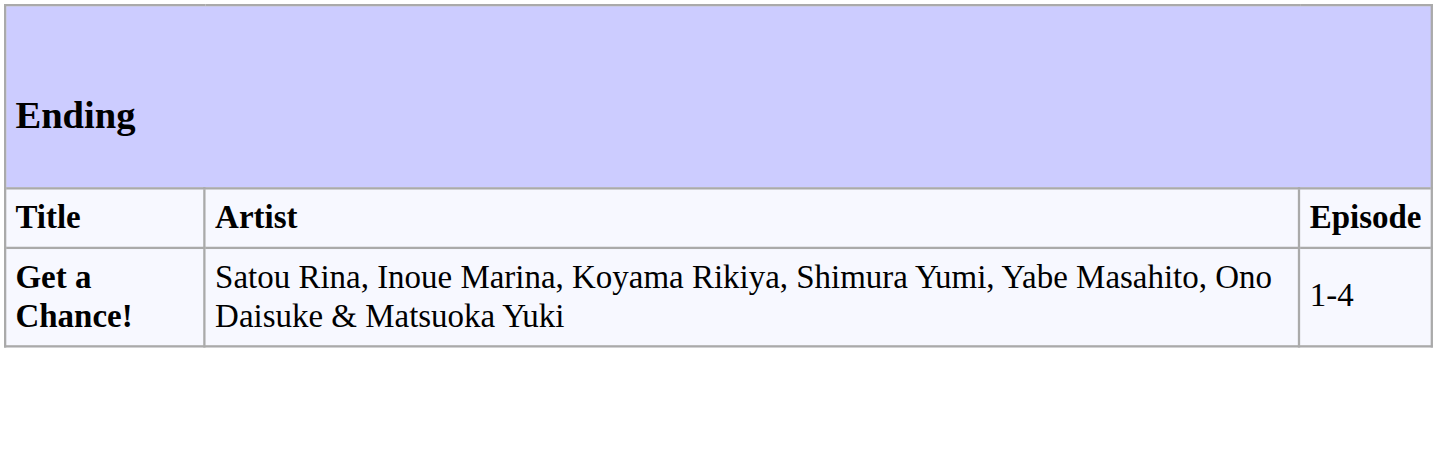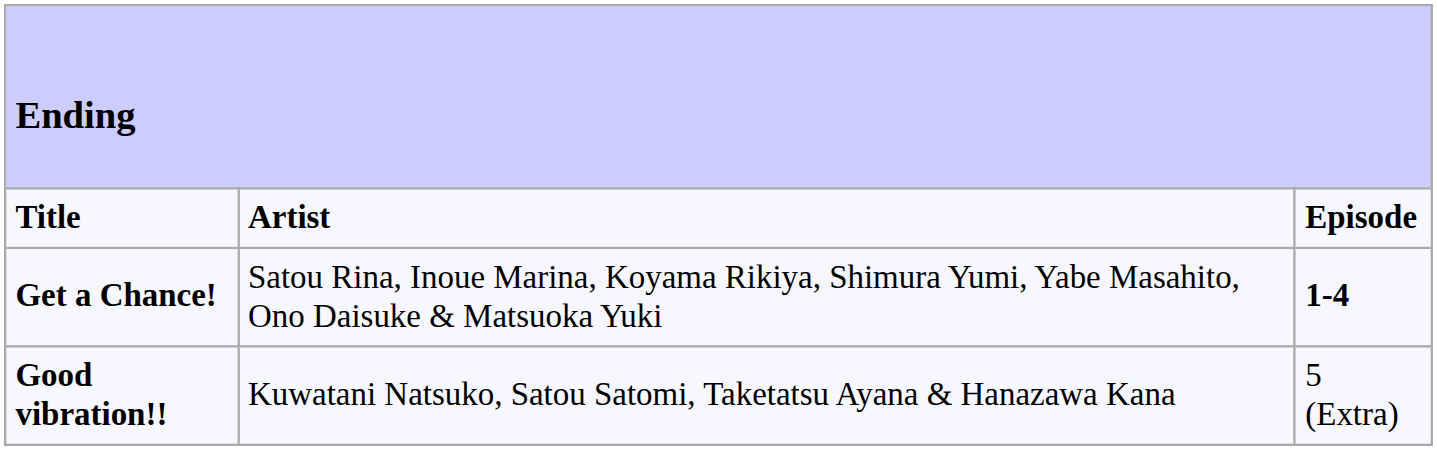 <table border="" cellpadding="4" cellspacing="0" width="100%" style="border: 1px #aaaaaa solid; border-collapse: collapse; padding: 0.2em; margin: 1em 1em 1em 0; background: #f7f8ff; font-size:0.9em">
 <tr valign="middle" bgcolor="#ccccff">
 <td colspan=3><br><h3>Ending</h3></td>
 </tr>
 <tr>
 <td><strong>Title</strong></td>
 <td><strong>Artist</strong></td>
 <td><strong>Episode</strong></td>
 </tr>
 <tr>
 <td><strong>Get a Chance!</strong></td>
 <td>Satou Rina, Inoue Marina, Koyama Rikiya, Shimura Yumi, Yabe Masahito, Ono Daisuke & Matsuoka Yuki</td>
-<td>1-4</td>
+<td><strong>1-4</strong></td>
+</tr>
+<tr>
+<td><strong>Good vibration!!</strong></td>
+<td>Kuwatani Natsuko, Satou Satomi, Taketatsu Ayana & Hanazawa Kana</td>
+<td>5 (Extra)</td>
 </tr>
 </table>
